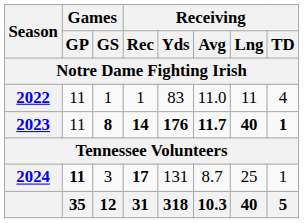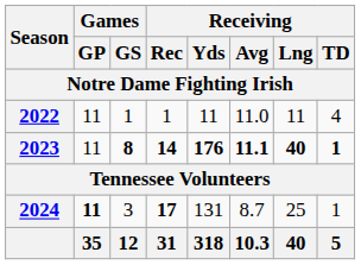 <table class="wikitable" style="text-align:center;">
 <tr>
 <th rowspan="2">Season</th>
 <th colspan="2">Games</th>
 <th colspan="5">Receiving</th>
 </tr>
 <tr>
 <th>GP</th>
 <th>GS</th>
 <th>Rec</th>
 <th>Yds</th>
 <th>Avg</th>
 <th>Lng</th>
 <th>TD</th>
 </tr>
 <tr>
 <th colspan="20">Notre Dame Fighting Irish</th>
 </tr>
 <tr>
 <th><a href='#'>2022</a></th>
 <td>11</td>
 <td>1</td>
 <td>1</td>
-<td>83</td>
+<td>11</td>
 <td>11.0</td>
 <td>11</td>
 <td>4</td>
 </tr>
 <tr>
 <th><a href='#'>2023</a></th>
 <td>11</td>
 <td><strong>8</strong></td>
 <td><strong>14</strong></td>
 <td><strong>176</strong></td>
-<td><strong>11.7</strong></td>
+<td><strong>11.1</strong></td>
 <td><strong>40</strong></td>
 <td><strong>1</strong></td>
 </tr>
 <tr>
 <th colspan="20">Tennessee Volunteers</th>
 </tr>
 <tr>
 <th><a href='#'>2024</a></th>
 <td><strong>11</strong></td>
 <td>3</td>
 <td><strong>17</strong></td>
 <td>131</td>
 <td>8.7</td>
 <td>25</td>
 <td>1</td>
 </tr>
 <tr>
 <th></th>
 <th>35</th>
 <th>12</th>
 <th>31</th>
 <th>318</th>
 <th>10.3</th>
 <th>40</th>
 <th>5</th>
 </tr>
 </table>
